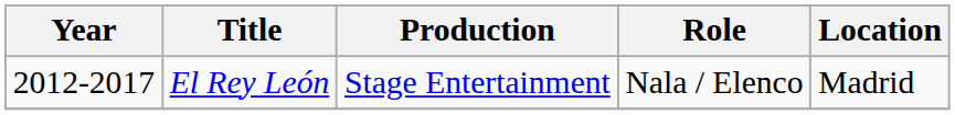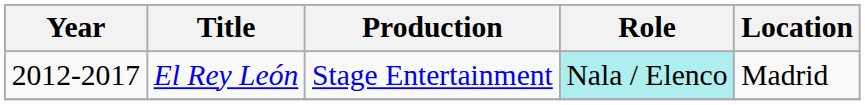 <table class="wikitable">
 <tr style="text-align:center;">
 <th>Year</th>
 <th>Title</th>
 <th>Production</th>
 <th>Role</th>
 <th>Location</th>
 </tr>
 <tr>
 <td>2012-2017</td>
 <td><em><a href='#'>El Rey León</a></em></td>
 <td><a href='#'>Stage Entertainment</a></td>
-<td>Nala / Elenco</td>
+<td style="background: paleturquoise;">Nala / Elenco</td>
 <td>Madrid</td>
 </tr>
 <tr>
 </tr>
 </table>
